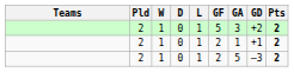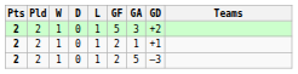 <table class="wikitable" style="text-align: center;">
 <tr>
-<th width=165>Teams</th>
+<th width=20>Pts</th>
 <th width=20>Pld</th>
 <th width=20>W</th>
 <th width=20>D</th>
 <th width=20>L</th>
 <th width=20>GF</th>
 <th width=20>GA</th>
 <th width=20>GD</th>
-<th width=20>Pts</th>
+<th width=165>Teams</th>
 </tr>
 <tr align=center style="background:#ccffcc;">
-<td style="text-align:left;"></td>
+<td><strong>2</strong></td>
 <td>2</td>
 <td>1</td>
 <td>0</td>
 <td>1</td>
 <td>5</td>
 <td>3</td>
 <td>+2</td>
-<td><strong>2</strong></td>
+<td style="text-align:left;"></td>
 </tr>
 <tr align=center>
-<td style="text-align:left;"></td>
+<td><strong>2</strong></td>
 <td>2</td>
 <td>1</td>
 <td>0</td>
 <td>1</td>
 <td>2</td>
 <td>1</td>
 <td>+1</td>
-<td><strong>2</strong></td>
+<td style="text-align:left;"></td>
 </tr>
 <tr align=center>
-<td style="text-align:left;"></td>
+<td><strong>2</strong></td>
 <td>2</td>
 <td>1</td>
 <td>0</td>
 <td>1</td>
 <td>2</td>
 <td>5</td>
 <td>–3</td>
-<td><strong>2</strong></td>
+<td style="text-align:left;"></td>
 </tr>
 </table>
